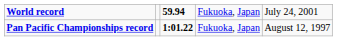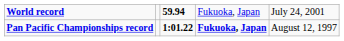 <table class="wikitable">
 <tr>
 <td><strong><a href='#'>World record</a></strong></td>
 <td></td>
 <td><strong>59.94</strong></td>
 <td><a href='#'>Fukuoka</a>, <a href='#'>Japan</a></td>
 <td>July 24, 2001</td>
 </tr>
 <tr>
 <td><strong><a href='#'>Pan Pacific Championships record</a></strong></td>
 <td></td>
 <td><strong>1:01.22</strong></td>
-<td><a href='#'>Fukuoka</a>, <a href='#'>Japan</a></td>
+<td><strong><a href='#'>Fukuoka</a>, <a href='#'>Japan</a></strong></td>
 <td>August 12, 1997</td>
 </tr>
 </table>
